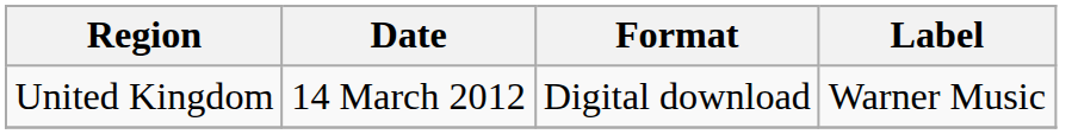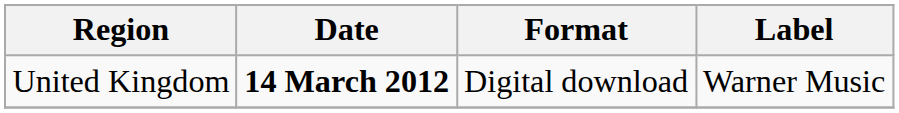 <table class=wikitable>
 <tr>
 <th>Region</th>
 <th>Date</th>
 <th>Format</th>
 <th>Label</th>
 </tr>
 <tr>
 <td>United Kingdom</td>
-<td>14 March 2012</td>
+<td><strong>14 March 2012</strong></td>
 <td>Digital download</td>
 <td>Warner Music</td>
 </tr>
 <tr>
 </tr>
 </table>
